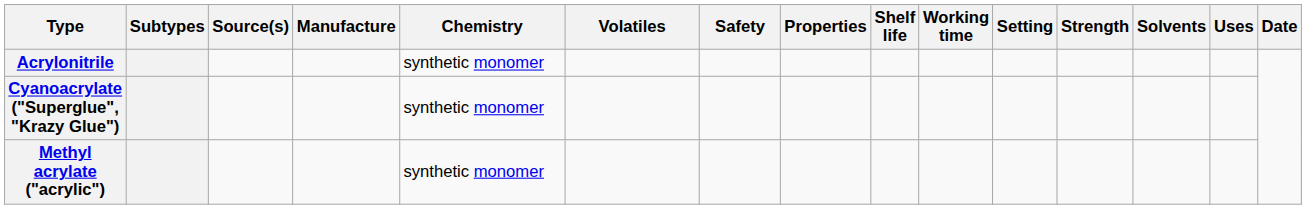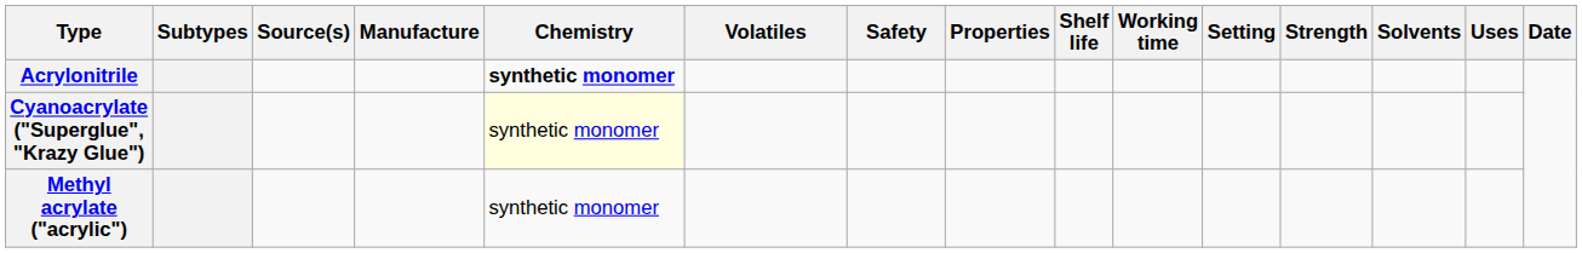 <table class="wikitable sortable plainrowheaders">
 <tr>
 <th scope="col" width="20">Type</th>
 <th scope="col" width="20">Subtypes</th>
 <th scope="col" width="50">Source(s)</th>
 <th>Manufacture</th>
 <th scope="col" width="250">Chemistry</th>
 <th scope="col" width="200">Volatiles</th>
 <th scope="col" align="center" width="100">Safety</th>
 <th scope="col" width="80">Properties</th>
 <th>Shelf life</th>
 <th>Working time</th>
 <th>Setting</th>
 <th>Strength</th>
 <th>Solvents</th>
 <th scope="col" width="30">Uses</th>
 <th scope="col" width="30">Date</th>
 </tr>
 <tr>
 <th><a href='#'>Acrylonitrile</a></th>
 <th></th>
 <td></td>
 <td></td>
-<td>synthetic <a href='#'>monomer</a></td>
+<td><strong>synthetic <a href='#'>monomer</a></strong></td>
 <td></td>
 <td></td>
 <td></td>
 <td></td>
 <td></td>
 <td></td>
 <td></td>
 <td></td>
 <td></td>
 </tr>
 <tr>
 <th><a href='#'>Cyanoacrylate</a> ("Superglue", "Krazy Glue")</th>
 <th></th>
 <td></td>
 <td></td>
-<td>synthetic <a href='#'>monomer</a></td>
+<td style="background: lightyellow;">synthetic <a href='#'>monomer</a></td>
 <td></td>
 <td></td>
 <td></td>
 <td></td>
 <td></td>
 <td></td>
 <td></td>
 <td></td>
 <td></td>
 </tr>
 <tr>
 <th><a href='#'>Methyl acrylate</a> ("acrylic")</th>
 <th></th>
 <td></td>
 <td></td>
 <td>synthetic <a href='#'>monomer</a></td>
 <td></td>
 <td></td>
 <td></td>
 <td></td>
 <td></td>
 <td></td>
 <td></td>
 <td></td>
 <td></td>
 </tr>
 </table>
